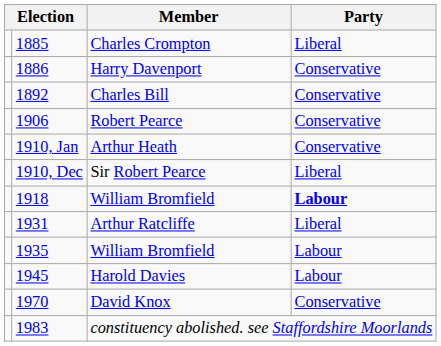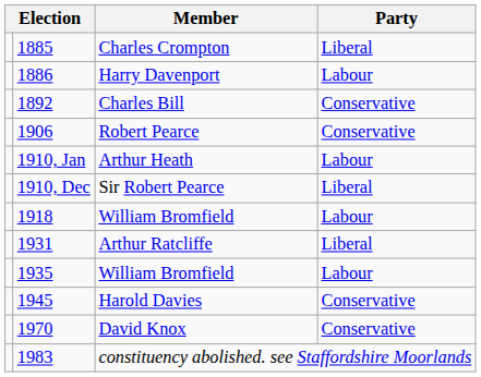 <table class="wikitable">
 <tr>
 <th colspan="2">Election</th>
 <th>Member </th>
 <th>Party</th>
 </tr>
 <tr>
 <td style="color:inherit;background-color: "></td>
 <td><a href='#'>1885</a></td>
 <td><a href='#'>Charles Crompton</a></td>
 <td><a href='#'>Liberal</a></td>
 </tr>
 <tr>
 <td style="color:inherit;background-color: "></td>
 <td><a href='#'>1886</a></td>
 <td><a href='#'>Harry Davenport</a></td>
-<td><a href='#'>Conservative</a></td>
+<td><a href='#'>Labour</a></td>
 </tr>
 <tr>
 <td style="color:inherit;background-color: "></td>
 <td><a href='#'>1892</a></td>
 <td><a href='#'>Charles Bill</a></td>
 <td><a href='#'>Conservative</a></td>
 </tr>
 <tr>
 <td style="color:inherit;background-color: "></td>
 <td><a href='#'>1906</a></td>
 <td><a href='#'>Robert Pearce</a></td>
 <td><a href='#'>Conservative</a></td>
 </tr>
 <tr>
 <td style="color:inherit;background-color: "></td>
 <td><a href='#'>1910, Jan</a></td>
 <td><a href='#'>Arthur Heath</a></td>
-<td><a href='#'>Conservative</a></td>
+<td><a href='#'>Labour</a></td>
 </tr>
 <tr>
 <td style="color:inherit;background-color: "></td>
 <td><a href='#'>1910, Dec</a></td>
 <td>Sir <a href='#'>Robert Pearce</a></td>
 <td><a href='#'>Liberal</a></td>
 </tr>
 <tr>
 <td style="color:inherit;background-color: "></td>
 <td><a href='#'>1918</a></td>
 <td><a href='#'>William Bromfield</a></td>
-<td><strong><a href='#'>Labour</a></strong></td>
+<td><a href='#'>Labour</a></td>
 </tr>
 <tr>
 <td style="color:inherit;background-color: "></td>
 <td><a href='#'>1931</a></td>
 <td><a href='#'>Arthur Ratcliffe</a></td>
 <td><a href='#'>Liberal</a></td>
 </tr>
 <tr>
 <td style="color:inherit;background-color: "></td>
 <td><a href='#'>1935</a></td>
 <td><a href='#'>William Bromfield</a></td>
 <td><a href='#'>Labour</a></td>
 </tr>
 <tr>
 <td style="color:inherit;background-color: "></td>
 <td><a href='#'>1945</a></td>
 <td><a href='#'>Harold Davies</a></td>
-<td><a href='#'>Labour</a></td>
+<td><a href='#'>Conservative</a></td>
 </tr>
 <tr>
 <td style="color:inherit;background-color: "></td>
 <td><a href='#'>1970</a></td>
 <td><a href='#'>David Knox</a></td>
 <td><a href='#'>Conservative</a></td>
 </tr>
 <tr>
 <td></td>
 <td><a href='#'>1983</a></td>
 <td colspan ="3"><em>constituency abolished. see <a href='#'>Staffordshire Moorlands</a></em></td>
 </tr>
 </table>
